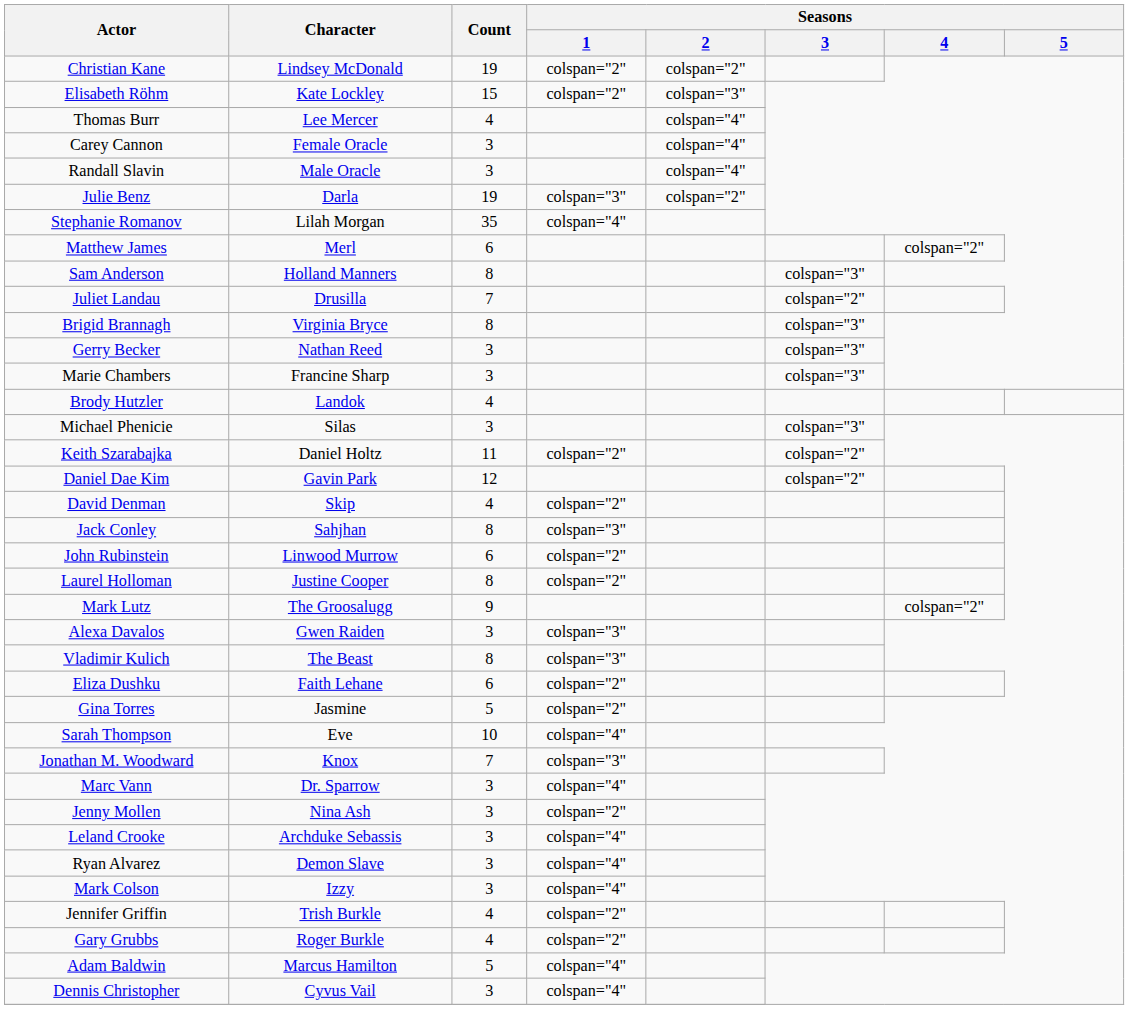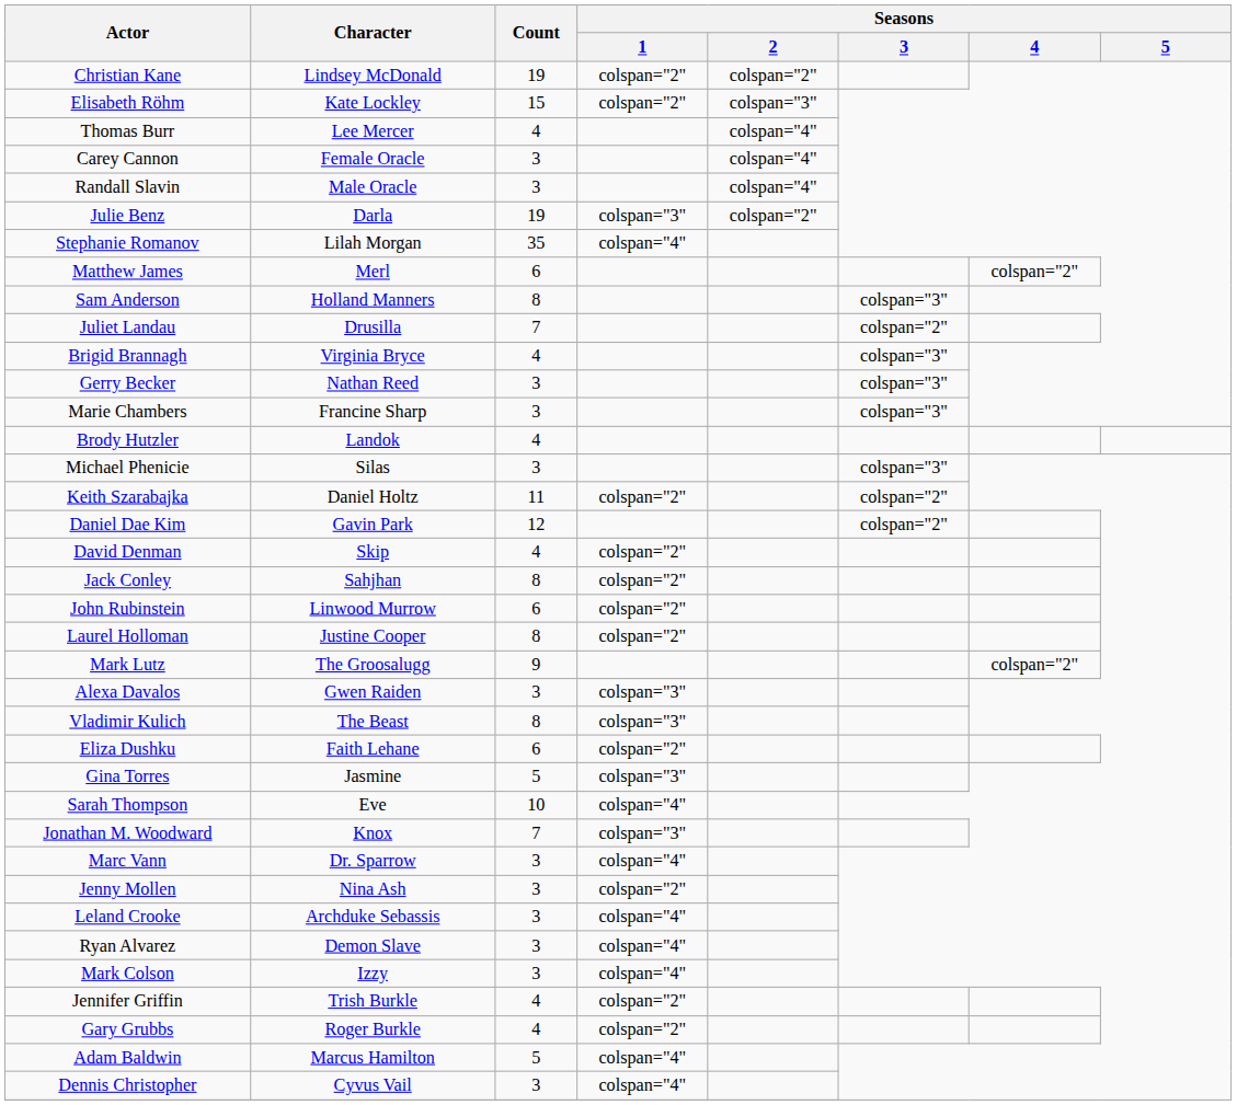 <table class="wikitable sortable" style="text-align:center;" width="70%">
 <tr>
 <th scope="col" rowspan="2" style="width:15%;">Actor</th>
 <th scope="col" rowspan="2" style="width:15%;">Character</th>
 <th scope="col" rowspan="2" style="width:5%;">Count</th>
 <th scope="col" colspan="7">Seasons</th>
 </tr>
 <tr>
 <th style="width:8%;"><a href='#'>1</a></th>
 <th style="width:8%;"><a href='#'>2</a></th>
 <th style="width:8%;"><a href='#'>3</a></th>
 <th style="width:8%;"><a href='#'>4</a></th>
 <th style="width:8%;"><a href='#'>5</a></th>
 </tr>
 <tr>
 <td><a href='#'>Christian Kane</a></td>
 <td><a href='#'>Lindsey McDonald</a></td>
 <td>19</td>
 <td>colspan="2" </td>
 <td>colspan="2" </td>
 <td></td>
 </tr>
 <tr>
 <td><a href='#'>Elisabeth Röhm</a></td>
 <td><a href='#'>Kate Lockley</a></td>
 <td>15</td>
 <td>colspan="2" </td>
 <td>colspan="3" </td>
 </tr>
 <tr>
 <td>Thomas Burr</td>
 <td><a href='#'>Lee Mercer</a></td>
 <td>4</td>
 <td></td>
 <td>colspan="4" </td>
 </tr>
 <tr>
 <td>Carey Cannon</td>
 <td><a href='#'>Female Oracle</a></td>
 <td>3</td>
 <td></td>
 <td>colspan="4" </td>
 </tr>
 <tr>
 <td>Randall Slavin</td>
 <td><a href='#'>Male Oracle</a></td>
 <td>3</td>
 <td></td>
 <td>colspan="4" </td>
 </tr>
 <tr>
 <td><a href='#'>Julie Benz</a></td>
 <td><a href='#'>Darla</a></td>
 <td>19</td>
 <td>colspan="3" </td>
 <td>colspan="2" </td>
 </tr>
 <tr>
 <td><a href='#'>Stephanie Romanov</a></td>
 <td>Lilah Morgan</td>
 <td>35</td>
 <td>colspan="4" </td>
 <td></td>
 </tr>
 <tr>
 <td><a href='#'>Matthew James</a></td>
 <td><a href='#'>Merl</a></td>
 <td>6</td>
 <td></td>
 <td></td>
 <td></td>
 <td>colspan="2" </td>
 </tr>
 <tr>
 <td><a href='#'>Sam Anderson</a></td>
 <td><a href='#'>Holland Manners</a></td>
 <td>8</td>
 <td></td>
 <td></td>
 <td>colspan="3" </td>
 </tr>
 <tr>
 <td><a href='#'>Juliet Landau</a></td>
 <td><a href='#'>Drusilla</a></td>
 <td>7</td>
 <td></td>
 <td></td>
 <td>colspan="2" </td>
 <td></td>
 </tr>
 <tr>
 <td><a href='#'>Brigid Brannagh</a></td>
 <td><a href='#'>Virginia Bryce</a></td>
-<td>8</td>
+<td>4</td>
 <td></td>
 <td></td>
 <td>colspan="3" </td>
 </tr>
 <tr>
 <td><a href='#'>Gerry Becker</a></td>
 <td><a href='#'>Nathan Reed</a></td>
 <td>3</td>
 <td></td>
 <td></td>
 <td>colspan="3" </td>
 </tr>
 <tr>
 <td>Marie Chambers</td>
 <td>Francine Sharp</td>
 <td>3</td>
 <td></td>
 <td></td>
 <td>colspan="3" </td>
 </tr>
 <tr>
 <td><a href='#'>Brody Hutzler</a></td>
 <td><a href='#'>Landok</a></td>
 <td>4</td>
 <td></td>
 <td></td>
 <td></td>
 <td></td>
 <td></td>
 </tr>
 <tr>
 <td>Michael Phenicie</td>
 <td>Silas</td>
 <td>3</td>
 <td></td>
 <td></td>
 <td>colspan="3" </td>
 </tr>
 <tr>
 <td><a href='#'>Keith Szarabajka</a></td>
 <td>Daniel Holtz</td>
 <td>11</td>
 <td>colspan="2" </td>
 <td></td>
 <td>colspan="2" </td>
 </tr>
 <tr>
 <td><a href='#'>Daniel Dae Kim</a></td>
 <td><a href='#'>Gavin Park</a></td>
 <td>12</td>
 <td></td>
 <td></td>
 <td>colspan="2" </td>
 <td></td>
 </tr>
 <tr>
 <td><a href='#'>David Denman</a></td>
 <td><a href='#'>Skip</a></td>
 <td>4</td>
 <td>colspan="2" </td>
 <td></td>
 <td></td>
 <td></td>
 </tr>
 <tr>
 <td><a href='#'>Jack Conley</a></td>
 <td><a href='#'>Sahjhan</a></td>
 <td>8</td>
-<td>colspan="3" </td>
+<td>colspan="2" </td>
 <td></td>
 <td></td>
 <td></td>
 </tr>
 <tr>
 <td><a href='#'>John Rubinstein</a></td>
 <td><a href='#'>Linwood Murrow</a></td>
 <td>6</td>
 <td>colspan="2" </td>
 <td></td>
 <td></td>
 <td></td>
 </tr>
 <tr>
 <td><a href='#'>Laurel Holloman</a></td>
 <td><a href='#'>Justine Cooper</a></td>
 <td>8</td>
 <td>colspan="2" </td>
 <td></td>
 <td></td>
 <td></td>
 </tr>
 <tr>
 <td><a href='#'>Mark Lutz</a></td>
 <td><a href='#'>The Groosalugg</a></td>
 <td>9</td>
 <td></td>
 <td></td>
 <td></td>
 <td>colspan="2" </td>
 </tr>
 <tr>
 <td><a href='#'>Alexa Davalos</a></td>
 <td><a href='#'>Gwen Raiden</a></td>
 <td>3</td>
 <td>colspan="3" </td>
 <td></td>
 <td></td>
 </tr>
 <tr>
 <td><a href='#'>Vladimir Kulich</a></td>
 <td><a href='#'>The Beast</a></td>
 <td>8</td>
 <td>colspan="3" </td>
 <td></td>
 <td></td>
 </tr>
 <tr>
 <td><a href='#'>Eliza Dushku</a></td>
 <td><a href='#'>Faith Lehane</a></td>
 <td>6</td>
 <td>colspan="2" </td>
 <td></td>
 <td></td>
 <td></td>
 </tr>
 <tr>
 <td><a href='#'>Gina Torres</a></td>
 <td>Jasmine</td>
 <td>5</td>
-<td>colspan="2" </td>
+<td>colspan="3" </td>
 <td></td>
 <td></td>
 </tr>
 <tr>
 <td><a href='#'>Sarah Thompson</a></td>
 <td>Eve</td>
 <td>10</td>
 <td>colspan="4" </td>
 <td></td>
 </tr>
 <tr>
 <td><a href='#'>Jonathan M. Woodward</a></td>
 <td><a href='#'>Knox</a></td>
 <td>7</td>
 <td>colspan="3" </td>
 <td></td>
 <td></td>
 </tr>
 <tr>
 <td><a href='#'>Marc Vann</a></td>
 <td><a href='#'>Dr. Sparrow</a></td>
 <td>3</td>
 <td>colspan="4" </td>
 <td></td>
 </tr>
 <tr>
 <td><a href='#'>Jenny Mollen</a></td>
 <td><a href='#'>Nina Ash</a></td>
 <td>3</td>
 <td>colspan="2" </td>
 <td></td>
 </tr>
 <tr>
 <td><a href='#'>Leland Crooke</a></td>
 <td><a href='#'>Archduke Sebassis</a></td>
 <td>3</td>
 <td>colspan="4" </td>
 <td></td>
 </tr>
 <tr>
 <td>Ryan Alvarez</td>
 <td><a href='#'>Demon Slave</a></td>
 <td>3</td>
 <td>colspan="4" </td>
 <td></td>
 </tr>
 <tr>
 <td><a href='#'>Mark Colson</a></td>
 <td><a href='#'>Izzy</a></td>
 <td>3</td>
 <td>colspan="4" </td>
 <td></td>
 </tr>
 <tr>
 <td>Jennifer Griffin</td>
 <td><a href='#'>Trish Burkle</a></td>
 <td>4</td>
 <td>colspan="2" </td>
 <td></td>
 <td></td>
 <td></td>
 </tr>
 <tr>
 <td><a href='#'>Gary Grubbs</a></td>
 <td><a href='#'>Roger Burkle</a></td>
 <td>4</td>
 <td>colspan="2" </td>
 <td></td>
 <td></td>
 <td></td>
 </tr>
 <tr>
 <td><a href='#'>Adam Baldwin</a></td>
 <td><a href='#'>Marcus Hamilton</a></td>
 <td>5</td>
 <td>colspan="4" </td>
 <td></td>
 </tr>
 <tr>
 <td><a href='#'>Dennis Christopher</a></td>
 <td><a href='#'>Cyvus Vail</a></td>
 <td>3</td>
 <td>colspan="4" </td>
 <td></td>
 </tr>
 <tr>
 </tr>
 </table>
